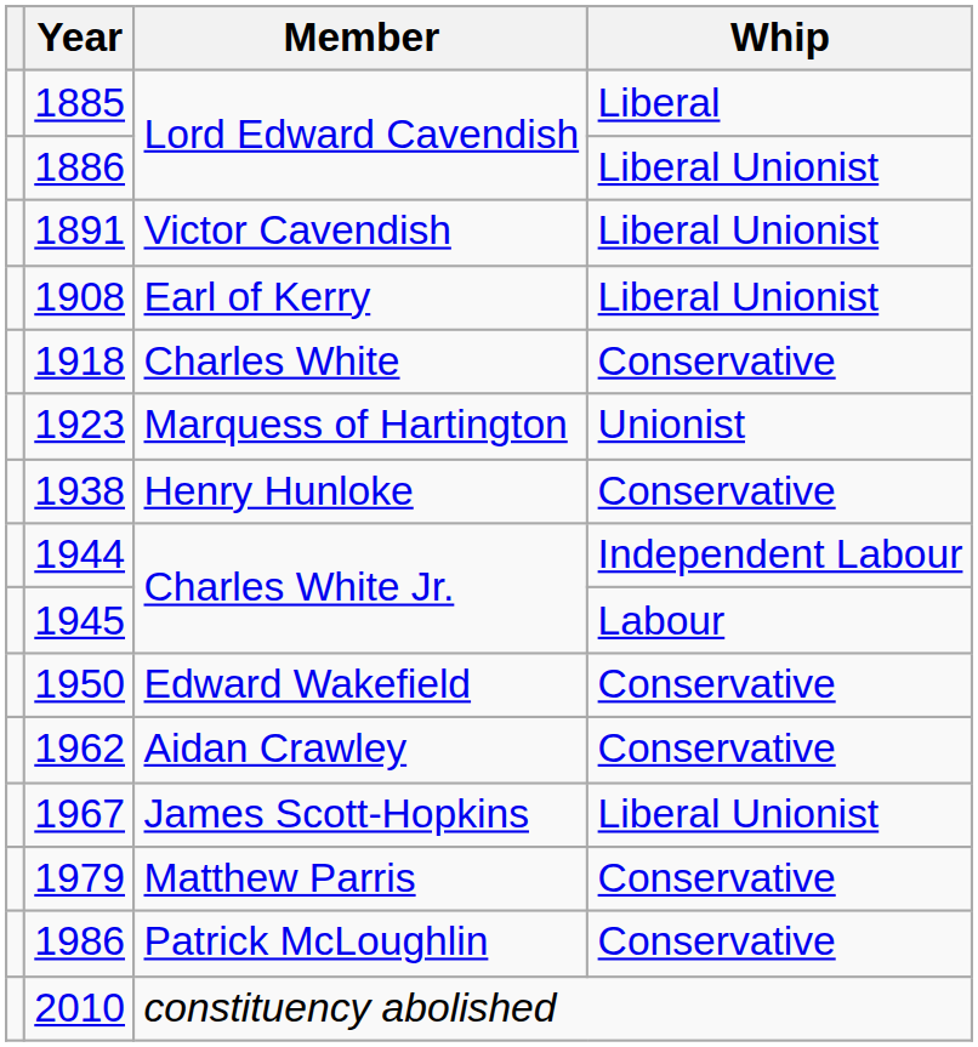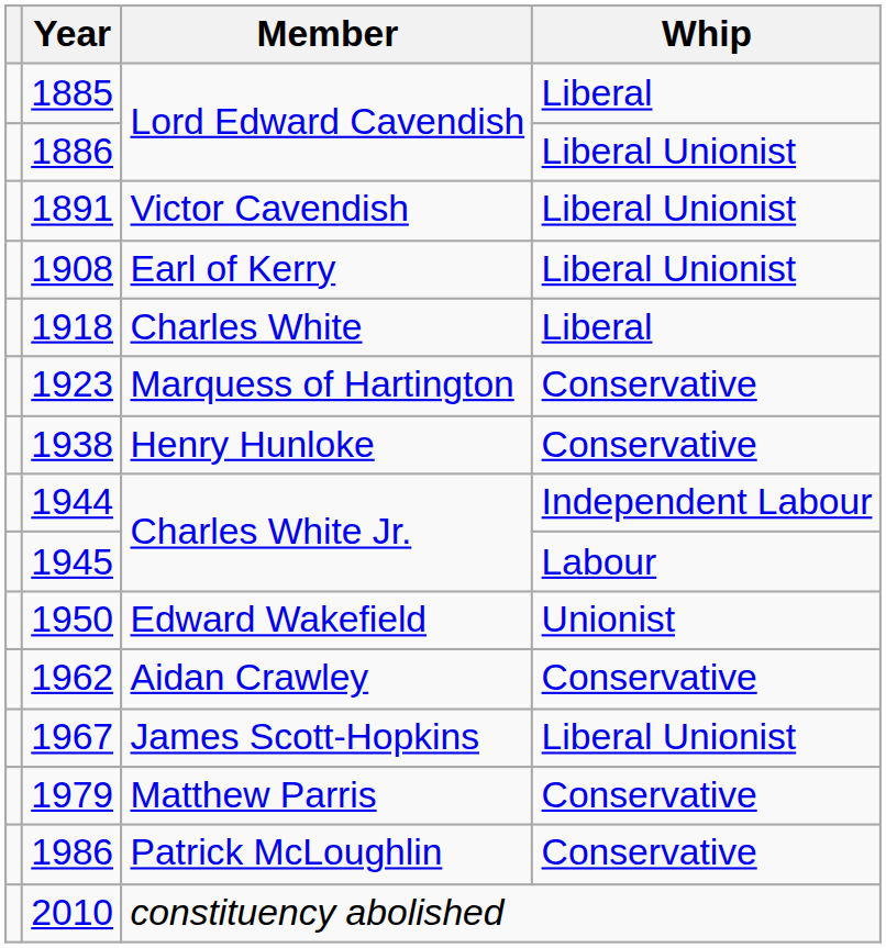 <table class="wikitable">
 <tr>
 <th></th>
 <th>Year</th>
 <th>Member</th>
 <th>Whip</th>
 </tr>
 <tr>
 <td style="color:inherit;background-color: "></td>
 <td><a href='#'>1885</a></td>
 <td rowspan=2><a href='#'>Lord Edward Cavendish</a></td>
 <td><a href='#'>Liberal</a></td>
 </tr>
 <tr>
 <td style="color:inherit;background-color: "></td>
 <td><a href='#'>1886</a></td>
 <td><a href='#'>Liberal Unionist</a></td>
 </tr>
 <tr>
 <td style="color:inherit;background-color: "></td>
 <td><a href='#'>1891</a></td>
 <td><a href='#'>Victor Cavendish</a></td>
 <td><a href='#'>Liberal Unionist</a></td>
 </tr>
 <tr>
 <td style="color:inherit;background-color: "></td>
 <td><a href='#'>1908</a></td>
 <td><a href='#'>Earl of Kerry</a></td>
 <td><a href='#'>Liberal Unionist</a></td>
 </tr>
 <tr>
 <td style="color:inherit;background-color: "></td>
 <td><a href='#'>1918</a></td>
 <td><a href='#'>Charles White</a></td>
-<td><a href='#'>Conservative</a></td>
+<td><a href='#'>Liberal</a></td>
 </tr>
 <tr>
 <td style="color:inherit;background-color: "></td>
 <td><a href='#'>1923</a></td>
 <td><a href='#'>Marquess of Hartington</a></td>
-<td><a href='#'>Unionist</a></td>
+<td><a href='#'>Conservative</a></td>
 </tr>
 <tr>
 <td style="color:inherit;background-color: "></td>
 <td><a href='#'>1938</a></td>
 <td><a href='#'>Henry Hunloke</a></td>
 <td><a href='#'>Conservative</a></td>
 </tr>
 <tr>
 <td style="color:inherit;background-color: "></td>
 <td><a href='#'>1944</a></td>
 <td rowspan=2><a href='#'>Charles White Jr.</a></td>
 <td><a href='#'>Independent Labour</a></td>
 </tr>
 <tr>
 <td style="color:inherit;background-color: "></td>
 <td><a href='#'>1945</a></td>
 <td><a href='#'>Labour</a></td>
 </tr>
 <tr>
 <td style="color:inherit;background-color: "></td>
 <td><a href='#'>1950</a></td>
 <td><a href='#'>Edward Wakefield</a></td>
-<td><a href='#'>Conservative</a></td>
+<td><a href='#'>Unionist</a></td>
 </tr>
 <tr>
 <td style="color:inherit;background-color: "></td>
 <td><a href='#'>1962</a></td>
 <td><a href='#'>Aidan Crawley</a></td>
 <td><a href='#'>Conservative</a></td>
 </tr>
 <tr>
 <td style="color:inherit;background-color: "></td>
 <td><a href='#'>1967</a></td>
 <td><a href='#'>James Scott-Hopkins</a></td>
 <td><a href='#'>Liberal Unionist</a></td>
 </tr>
 <tr>
 <td style="color:inherit;background-color: "></td>
 <td><a href='#'>1979</a></td>
 <td><a href='#'>Matthew Parris</a></td>
 <td><a href='#'>Conservative</a></td>
 </tr>
 <tr>
 <td style="color:inherit;background-color: "></td>
 <td><a href='#'>1986</a></td>
 <td><a href='#'>Patrick McLoughlin</a></td>
 <td><a href='#'>Conservative</a></td>
 </tr>
 <tr>
 <td></td>
 <td><a href='#'>2010</a></td>
 <td colspan="2"><em>constituency abolished</em></td>
 </tr>
 </table>
